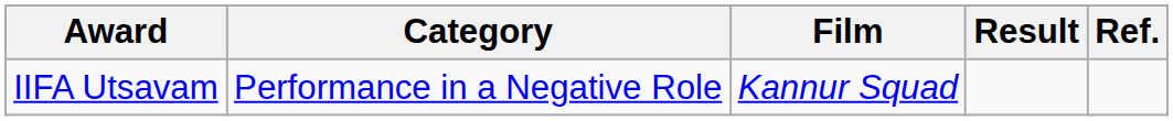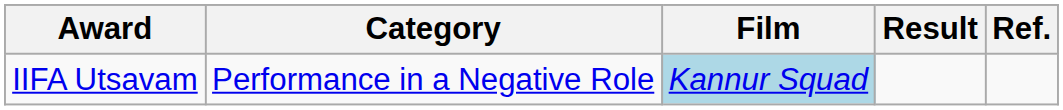 <table class="wikitable">
 <tr>
 <th>Award</th>
 <th colspan="3">Category</th>
 <th>Film</th>
 <th>Result</th>
 <th>Ref.</th>
 </tr>
 <tr>
 <td><a href='#'>IIFA Utsavam</a></td>
 <td colspan="3"><a href='#'>Performance in a Negative Role</a></td>
-<td><em><a href='#'>Kannur Squad</a></em></td>
+<td style="background: lightblue;"><em><a href='#'>Kannur Squad</a></em></td>
 <td></td>
 <td></td>
 </tr>
 </table>
